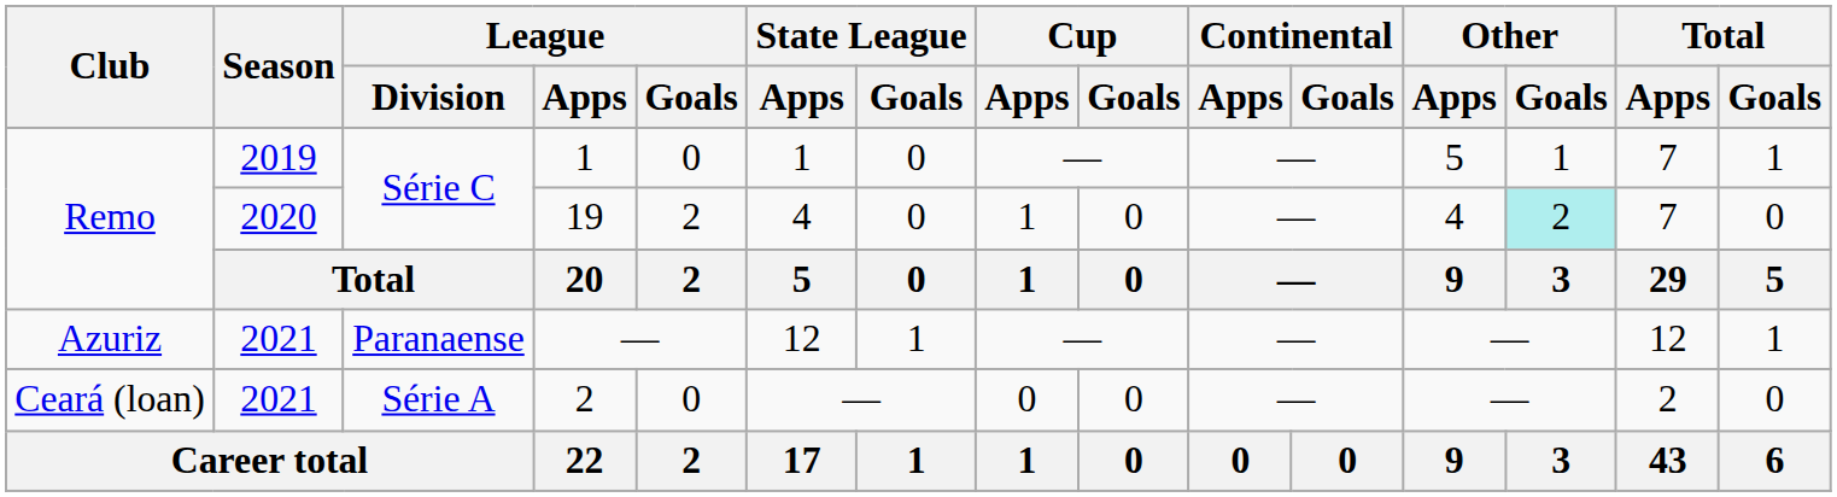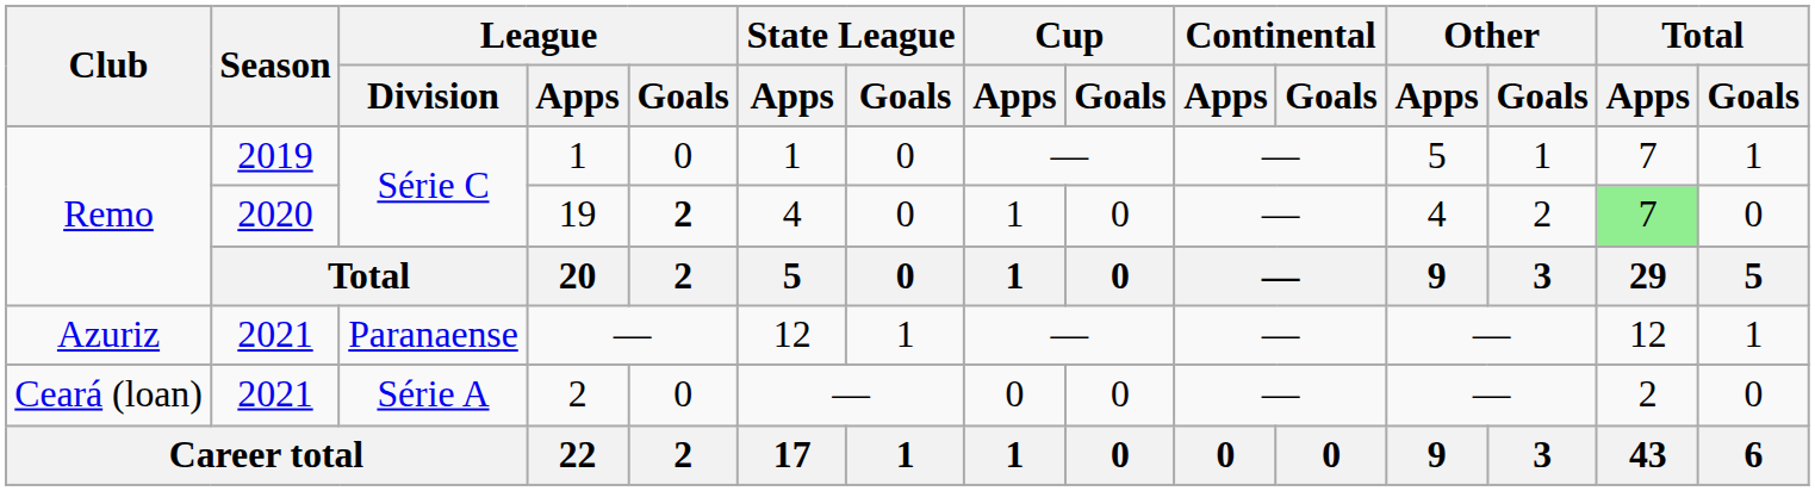 <table class="wikitable" style="text-align: center;">
 <tr>
 <th rowspan="2">Club</th>
 <th rowspan="2">Season</th>
 <th colspan="3">League</th>
 <th colspan="2">State League</th>
 <th colspan="2">Cup</th>
 <th colspan="2">Continental</th>
 <th colspan="2">Other</th>
 <th colspan="2">Total</th>
 </tr>
 <tr>
 <th>Division</th>
 <th>Apps</th>
 <th>Goals</th>
 <th>Apps</th>
 <th>Goals</th>
 <th>Apps</th>
 <th>Goals</th>
 <th>Apps</th>
 <th>Goals</th>
 <th>Apps</th>
 <th>Goals</th>
 <th>Apps</th>
 <th>Goals</th>
 </tr>
 <tr>
 <td rowspan="3" valign="center"><a href='#'>Remo</a></td>
 <td><a href='#'>2019</a></td>
 <td rowspan="2"><a href='#'>Série C</a></td>
 <td>1</td>
 <td>0</td>
 <td>1</td>
 <td>0</td>
 <td colspan="2">—</td>
 <td colspan="2">—</td>
 <td>5</td>
 <td>1</td>
 <td>7</td>
 <td>1</td>
 </tr>
 <tr>
 <td><a href='#'>2020</a></td>
 <td>19</td>
-<td>2</td>
+<td><strong>2</strong></td>
 <td>4</td>
 <td>0</td>
 <td>1</td>
 <td>0</td>
 <td colspan="2">—</td>
 <td>4</td>
-<td style="background: paleturquoise;">2</td>
-<td>7</td>
+<td>2</td>
+<td style="background: lightgreen;">7</td>
 <td>0</td>
 </tr>
 <tr>
 <th colspan="2">Total</th>
 <th>20</th>
 <th>2</th>
 <th>5</th>
 <th>0</th>
 <th>1</th>
 <th>0</th>
 <th colspan="2">—</th>
 <th>9</th>
 <th>3</th>
 <th>29</th>
 <th>5</th>
 </tr>
 <tr>
 <td valign="center"><a href='#'>Azuriz</a></td>
 <td><a href='#'>2021</a></td>
 <td><a href='#'>Paranaense</a></td>
 <td colspan="2">—</td>
 <td>12</td>
 <td>1</td>
 <td colspan="2">—</td>
 <td colspan="2">—</td>
 <td colspan="2">—</td>
 <td>12</td>
 <td>1</td>
 </tr>
 <tr>
 <td valign="center"><a href='#'>Ceará</a> (loan)</td>
 <td><a href='#'>2021</a></td>
 <td><a href='#'>Série A</a></td>
 <td>2</td>
 <td>0</td>
 <td colspan="2">—</td>
 <td>0</td>
 <td>0</td>
 <td colspan="2">—</td>
 <td colspan="2">—</td>
 <td>2</td>
 <td>0</td>
 </tr>
 <tr>
 <th colspan="3"><strong>Career total</strong></th>
 <th>22</th>
 <th>2</th>
 <th>17</th>
 <th>1</th>
 <th>1</th>
 <th>0</th>
 <th>0</th>
 <th>0</th>
 <th>9</th>
 <th>3</th>
 <th>43</th>
 <th>6</th>
 </tr>
 </table>
